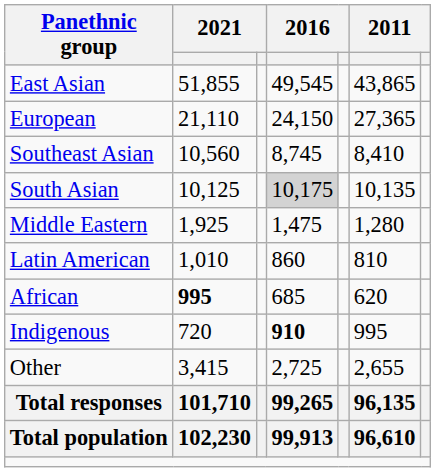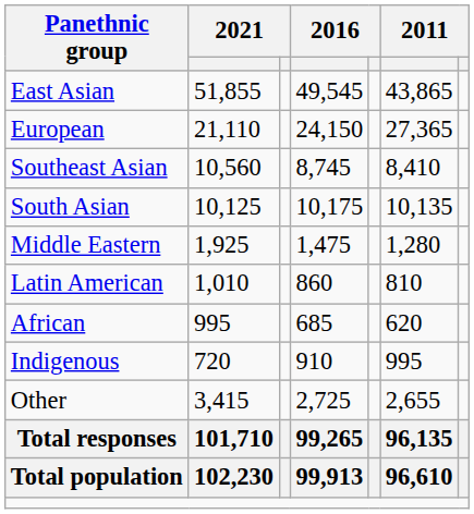 <table class="wikitable collapsible sortable">
 <tr>
 <th rowspan="2"><a href='#'>Panethnic</a><br>group</th>
 <th colspan="2">2021</th>
 <th colspan="2">2016</th>
 <th colspan="2">2011</th>
 </tr>
 <tr>
 <th><a href='#'></a></th>
 <th></th>
 <th></th>
 <th></th>
 <th></th>
 <th></th>
 </tr>
 <tr>
 <td><a href='#'>East Asian</a></td>
 <td>51,855</td>
 <td></td>
 <td>49,545</td>
 <td></td>
 <td>43,865</td>
 <td></td>
 </tr>
 <tr>
 <td><a href='#'>European</a></td>
 <td>21,110</td>
 <td></td>
 <td>24,150</td>
 <td></td>
 <td>27,365</td>
 <td></td>
 </tr>
 <tr>
 <td><a href='#'>Southeast Asian</a></td>
 <td>10,560</td>
 <td></td>
 <td>8,745</td>
 <td></td>
 <td>8,410</td>
 <td></td>
 </tr>
 <tr>
 <td><a href='#'>South Asian</a></td>
 <td>10,125</td>
 <td></td>
-<td style="background: lightgrey;">10,175</td>
+<td>10,175</td>
 <td></td>
 <td>10,135</td>
 <td></td>
 </tr>
 <tr>
 <td><a href='#'>Middle Eastern</a></td>
 <td>1,925</td>
 <td></td>
 <td>1,475</td>
 <td></td>
 <td>1,280</td>
 <td></td>
 </tr>
 <tr>
 <td><a href='#'>Latin American</a></td>
 <td>1,010</td>
 <td></td>
 <td>860</td>
 <td></td>
 <td>810</td>
 <td></td>
 </tr>
 <tr>
 <td><a href='#'>African</a></td>
-<td><strong>995</strong></td>
+<td>995</td>
 <td></td>
 <td>685</td>
 <td></td>
 <td>620</td>
 <td></td>
 </tr>
 <tr>
 <td><a href='#'>Indigenous</a></td>
 <td>720</td>
 <td></td>
-<td><strong>910</strong></td>
+<td>910</td>
 <td></td>
 <td>995</td>
 <td></td>
 </tr>
 <tr>
 <td>Other</td>
 <td>3,415</td>
 <td></td>
 <td>2,725</td>
 <td></td>
 <td>2,655</td>
 <td></td>
 </tr>
 <tr>
 <th>Total responses</th>
 <th>101,710</th>
 <th></th>
 <th>99,265</th>
 <th></th>
 <th>96,135</th>
 <th></th>
 </tr>
 <tr>
 <th>Total population</th>
 <th>102,230</th>
 <th></th>
 <th>99,913</th>
 <th></th>
 <th>96,610</th>
 <th></th>
 </tr>
 <tr class="sortbottom">
 <td colspan="15"></td>
 </tr>
 </table>
